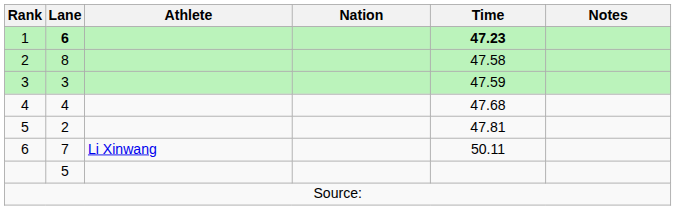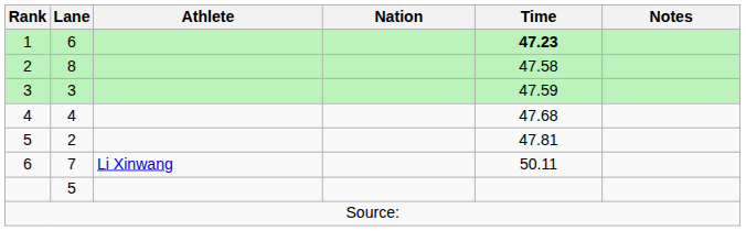 <table class="wikitable sortable" style="text-align:center;width: 60%;">
 <tr>
 <th scope="col" style="width: 10px;">Rank</th>
 <th scope="col" style="width: 10px;">Lane</th>
 <th scope="col">Athlete</th>
 <th scope="col">Nation</th>
 <th scope="col">Time</th>
 <th scope="col">Notes</th>
 </tr>
 <tr bgcolor=bbf3bb>
 <td>1</td>
-<td><strong>6</strong></td>
+<td>6</td>
 <td align=left></td>
 <td align=left></td>
 <td><strong>47.23</strong></td>
 <td></td>
 </tr>
 <tr bgcolor=bbf3bb>
 <td>2</td>
 <td>8</td>
 <td align=left></td>
 <td align=left></td>
 <td>47.58</td>
 <td></td>
 </tr>
 <tr bgcolor=bbf3bb>
 <td>3</td>
 <td>3</td>
 <td align=left></td>
 <td align=left></td>
 <td>47.59</td>
 <td></td>
 </tr>
 <tr>
 <td>4</td>
 <td>4</td>
 <td align=left></td>
 <td align=left></td>
 <td>47.68</td>
 <td></td>
 </tr>
 <tr>
 <td>5</td>
 <td>2</td>
 <td align=left></td>
 <td align=left></td>
 <td>47.81</td>
 <td></td>
 </tr>
 <tr>
 <td>6</td>
 <td>7</td>
 <td align=left><a href='#'>Li Xinwang</a></td>
 <td align=left></td>
 <td>50.11</td>
 <td></td>
 </tr>
 <tr>
 <td></td>
 <td>5</td>
 <td align=left></td>
 <td align=left></td>
 <td></td>
 <td></td>
 </tr>
 <tr class="sortbottom">
 <td colspan="6">Source:</td>
 </tr>
 </table>
